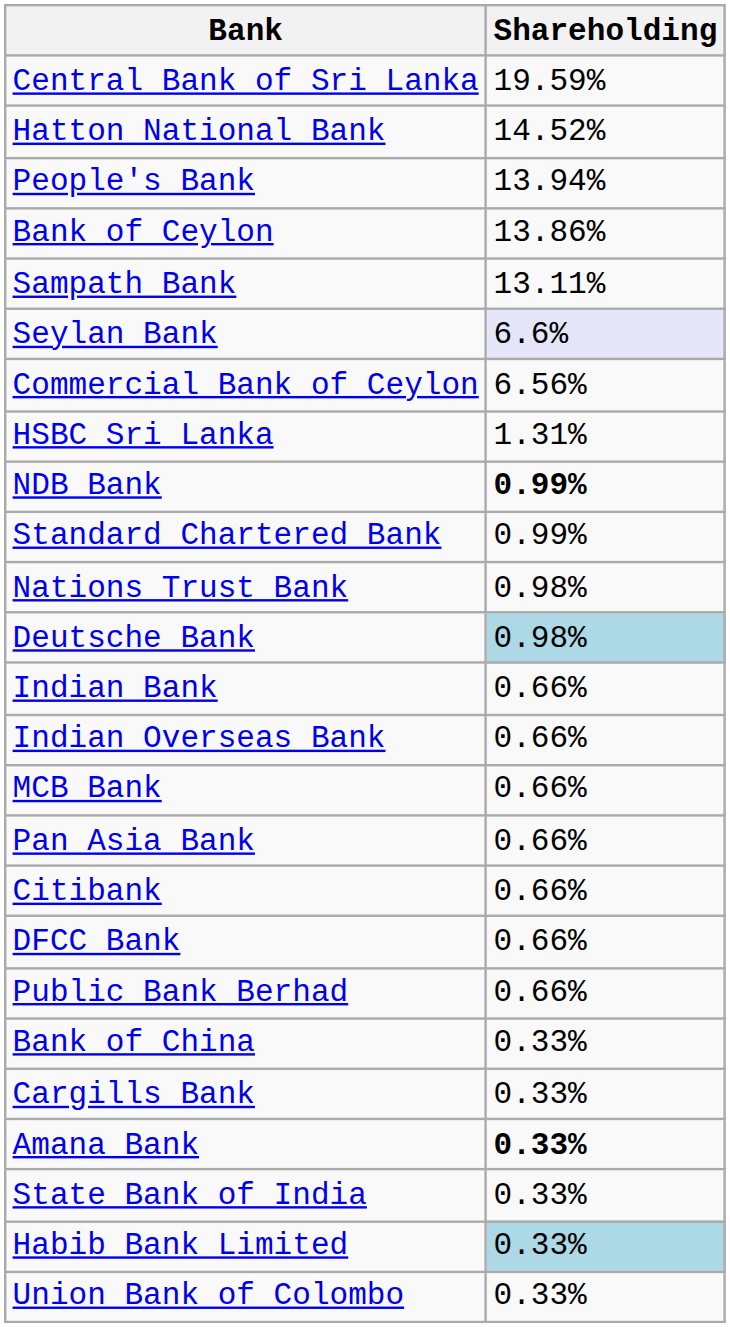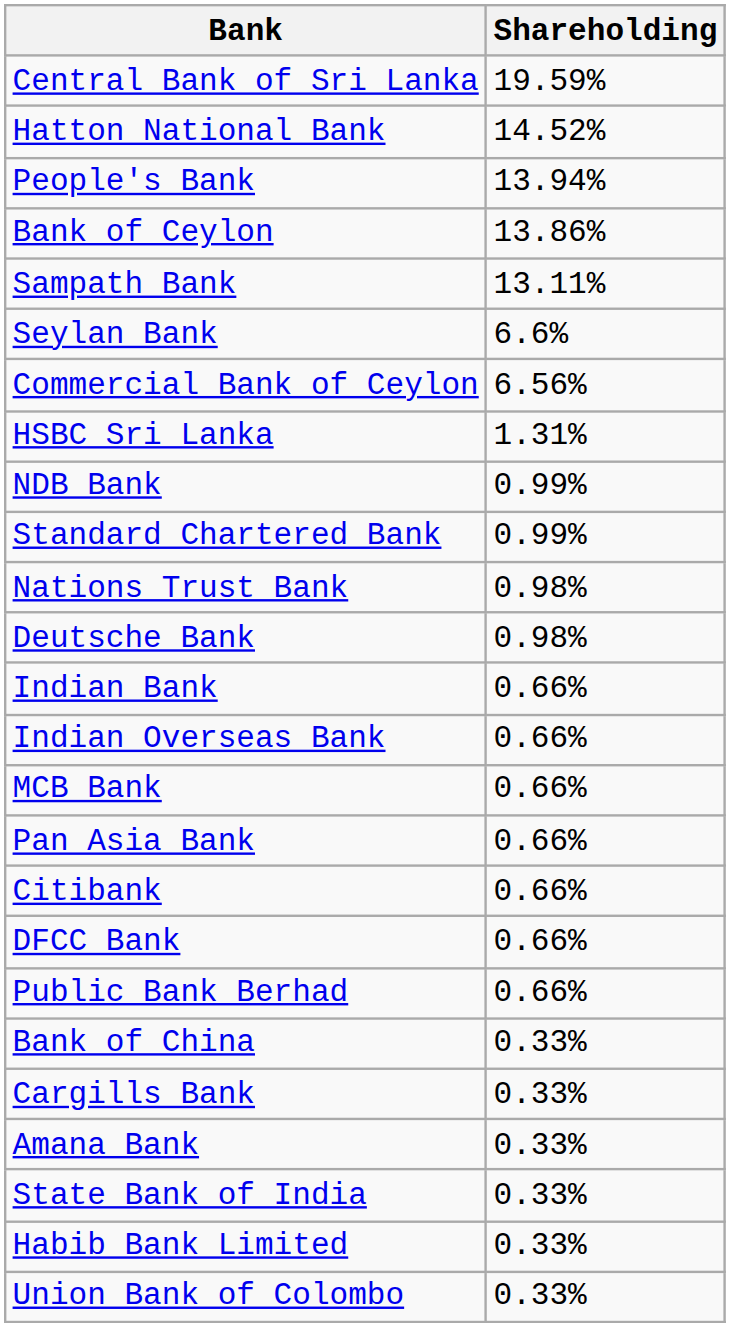 <table class="wikitable">
 <tr>
 <th>Bank</th>
 <th>Shareholding</th>
 </tr>
 <tr>
 <td><a href='#'>Central Bank of Sri Lanka</a></td>
 <td>19.59%</td>
 </tr>
 <tr>
 <td><a href='#'>Hatton National Bank</a></td>
 <td>14.52%</td>
 </tr>
 <tr>
 <td><a href='#'>People's Bank</a></td>
 <td>13.94%</td>
 </tr>
 <tr>
 <td><a href='#'>Bank of Ceylon</a></td>
 <td>13.86%</td>
 </tr>
 <tr>
 <td><a href='#'>Sampath Bank</a></td>
 <td>13.11%</td>
 </tr>
 <tr>
 <td><a href='#'>Seylan Bank</a></td>
-<td style="background: lavender;">6.6%</td>
+<td>6.6%</td>
 </tr>
 <tr>
 <td><a href='#'>Commercial Bank of Ceylon</a></td>
 <td>6.56%</td>
 </tr>
 <tr>
 <td><a href='#'>HSBC Sri Lanka</a></td>
 <td>1.31%</td>
 </tr>
 <tr>
 <td><a href='#'>NDB Bank</a></td>
-<td><strong>0.99%</strong></td>
+<td>0.99%</td>
 </tr>
 <tr>
 <td><a href='#'>Standard Chartered Bank</a></td>
 <td>0.99%</td>
 </tr>
 <tr>
 <td><a href='#'>Nations Trust Bank</a></td>
 <td>0.98%</td>
 </tr>
 <tr>
 <td><a href='#'>Deutsche Bank</a></td>
-<td style="background: lightblue;">0.98%</td>
+<td>0.98%</td>
 </tr>
 <tr>
 <td><a href='#'>Indian Bank</a></td>
 <td>0.66%</td>
 </tr>
 <tr>
 <td><a href='#'>Indian Overseas Bank</a></td>
 <td>0.66%</td>
 </tr>
 <tr>
 <td><a href='#'>MCB Bank</a></td>
 <td>0.66%</td>
 </tr>
 <tr>
 <td><a href='#'>Pan Asia Bank</a></td>
 <td>0.66%</td>
 </tr>
 <tr>
 <td><a href='#'>Citibank</a></td>
 <td>0.66%</td>
 </tr>
 <tr>
 <td><a href='#'>DFCC Bank</a></td>
 <td>0.66%</td>
 </tr>
 <tr>
 <td><a href='#'>Public Bank Berhad</a></td>
 <td>0.66%</td>
 </tr>
 <tr>
 <td><a href='#'>Bank of China</a></td>
 <td>0.33%</td>
 </tr>
 <tr>
 <td><a href='#'>Cargills Bank</a></td>
 <td>0.33%</td>
 </tr>
 <tr>
 <td><a href='#'>Amana Bank</a></td>
-<td><strong>0.33%</strong></td>
+<td>0.33%</td>
 </tr>
 <tr>
 <td><a href='#'>State Bank of India</a></td>
 <td>0.33%</td>
 </tr>
 <tr>
 <td><a href='#'>Habib Bank Limited</a></td>
-<td style="background: lightblue;">0.33%</td>
+<td>0.33%</td>
 </tr>
 <tr>
 <td><a href='#'>Union Bank of Colombo</a></td>
 <td>0.33%</td>
 </tr>
 <tr>
 </tr>
 </table>
